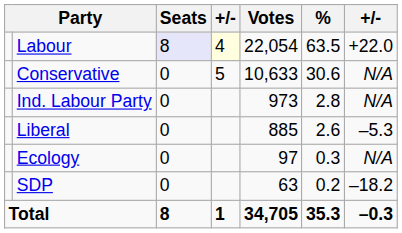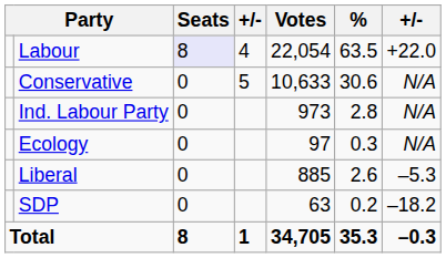 <table class="wikitable sortable">
 <tr>
 <th colspan="2">Party</th>
 <th>Seats</th>
 <th>+/-</th>
 <th>Votes</th>
 <th>%</th>
 <th>+/-</th>
 </tr>
 <tr>
 <td style="background-color: "></td>
 <td><a href='#'>Labour</a></td>
 <td style="background: lavender;">8</td>
-<td style="background: lightyellow;"> 4</td>
+<td> 4</td>
 <td style="text-align:right;">22,054</td>
 <td style="text-align:right;">63.5</td>
 <td style="text-align:right;">+22.0</td>
 </tr>
 <tr>
 <td style="background-color: "></td>
 <td><a href='#'>Conservative</a></td>
 <td>0</td>
 <td> 5</td>
 <td style="text-align:right;">10,633</td>
 <td style="text-align:right;">30.6</td>
 <td style="text-align:right;"><em>N/A</em></td>
 </tr>
 <tr>
 <td style="background-color: "></td>
 <td><a href='#'>Ind. Labour Party</a></td>
 <td>0</td>
 <td></td>
 <td style="text-align:right;">973</td>
 <td style="text-align:right;">2.8</td>
 <td style="text-align:right;"><em>N/A</em></td>
 </tr>
 <tr>
 <td style="background-color: "></td>
+<td><a href='#'>Ecology</a></td>
+<td>0</td>
+<td></td>
+<td style="text-align:right;">97</td>
+<td style="text-align:right;">0.3</td>
+<td style="text-align:right;"><em>N/A</em></td>
+</tr>
+<tr>
+<td style="background-color: "></td>
 <td><a href='#'>Liberal</a></td>
 <td>0</td>
 <td></td>
 <td style="text-align:right;">885</td>
 <td style="text-align:right;">2.6</td>
 <td style="text-align:right;">–5.3</td>
-</tr>
-<tr>
-<td style="background-color: "></td>
-<td><a href='#'>Ecology</a></td>
-<td>0</td>
-<td></td>
-<td style="text-align:right;">97</td>
-<td style="text-align:right;">0.3</td>
-<td style="text-align:right;"><em>N/A</em></td>
 </tr>
 <tr>
 <td style="background-color: "></td>
 <td><a href='#'>SDP</a></td>
 <td>0</td>
 <td></td>
 <td style="text-align:right;">63</td>
 <td style="text-align:right;">0.2</td>
 <td style="text-align:right;">–18.2</td>
 </tr>
 <tr>
 <td colspan="2"><strong>Total</strong></td>
 <td><strong>8</strong></td>
 <td> <strong>1</strong></td>
 <td style="text-align:right;"><strong>34,705</strong></td>
 <td style="text-align:right;"><strong>35.3</strong></td>
 <td style="text-align:right;"><strong>–0.3</strong></td>
 </tr>
 </table>
